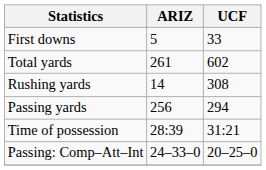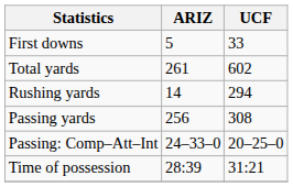 <table class="wikitable" style="float: left;">
 <tr>
 <th>Statistics</th>
 <th>ARIZ</th>
 <th>UCF</th>
 </tr>
 <tr>
 <td>First downs</td>
 <td>5</td>
 <td>33</td>
 </tr>
 <tr>
 <td>Total yards</td>
 <td>261</td>
 <td>602</td>
 </tr>
 <tr>
 <td>Rushing yards</td>
 <td>14</td>
-<td>308</td>
+<td>294</td>
 </tr>
 <tr>
 <td>Passing yards</td>
 <td>256</td>
-<td>294</td>
+<td>308</td>
+</tr>
+<tr>
+<td>Passing: Comp–Att–Int</td>
+<td>24–33–0</td>
+<td>20–25–0</td>
 </tr>
 <tr>
 <td>Time of possession</td>
 <td>28:39</td>
 <td>31:21</td>
 </tr>
 <tr>
-<td>Passing: Comp–Att–Int</td>
-<td>24–33–0</td>
-<td>20–25–0</td>
-</tr>
-<tr>
 </tr>
 </table>
